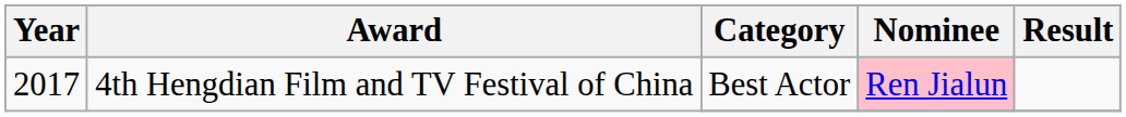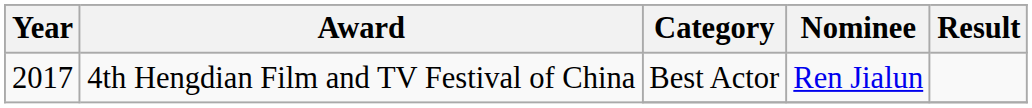 <table class="wikitable">
 <tr>
 <th>Year</th>
 <th>Award</th>
 <th>Category</th>
 <th>Nominee</th>
 <th>Result</th>
 </tr>
 <tr>
 <td rowspan=2>2017</td>
 <td rowspan=2>4th Hengdian Film and TV Festival of China</td>
 <td>Best Actor</td>
-<td style="background: pink;"><a href='#'>Ren Jialun</a></td>
+<td><a href='#'>Ren Jialun</a></td>
 <td></td>
 </tr>
 <tr>
 </tr>
 </table>
